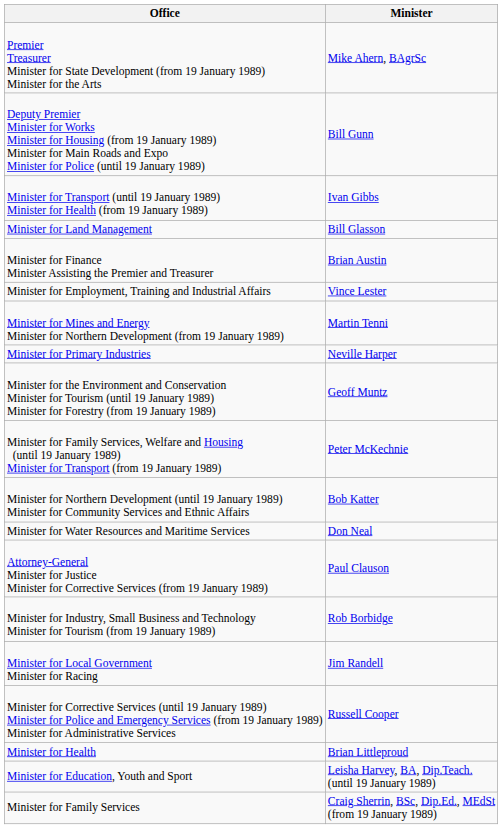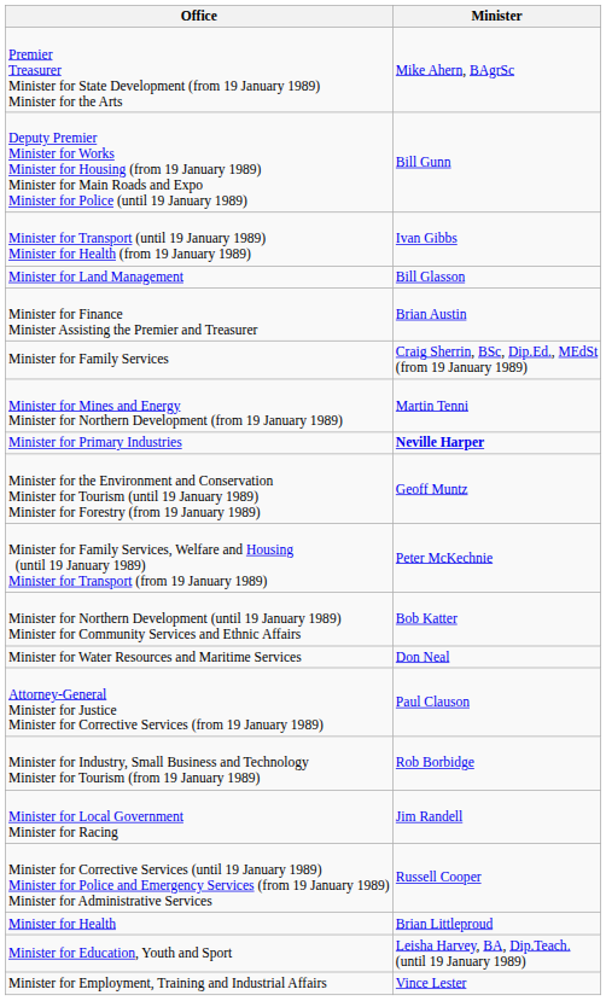 <table class="wikitable">
 <tr>
 <th>Office</th>
 <th>Minister</th>
 </tr>
 <tr>
 <td><br><a href='#'>Premier</a><br> <a href='#'>Treasurer</a><br> Minister for State Development (from 19 January 1989)<br> Minister for the Arts<br></td>
 <td><a href='#'>Mike Ahern</a>, <a href='#'>BAgrSc</a></td>
 </tr>
 <tr>
 <td><br><a href='#'>Deputy Premier</a><br> <a href='#'>Minister for Works</a><br> <a href='#'>Minister for Housing</a> (from 19 January 1989)<br> Minister for Main Roads and Expo<br> <a href='#'>Minister for Police</a> (until 19 January 1989)</td>
 <td><a href='#'>Bill Gunn</a></td>
 </tr>
 <tr>
 <td><br><a href='#'>Minister for Transport</a> (until 19 January 1989)<br> <a href='#'>Minister for Health</a> (from 19 January 1989)</td>
 <td><a href='#'>Ivan Gibbs</a></td>
 </tr>
 <tr>
 <td><a href='#'>Minister for Land Management</a></td>
 <td><a href='#'>Bill Glasson</a></td>
 </tr>
 <tr>
 <td><br>Minister for Finance<br> Minister Assisting the Premier and Treasurer</td>
 <td><a href='#'>Brian Austin</a></td>
 </tr>
 <tr>
-<td>Minister for Employment, Training and Industrial Affairs</td>
-<td><a href='#'>Vince Lester</a></td>
+<td>Minister for Family Services</td>
+<td><a href='#'>Craig Sherrin</a>, <a href='#'>BSc</a>, <a href='#'>Dip.Ed.</a>, <a href='#'>MEdSt</a><br>(from 19 January 1989)</td>
 </tr>
 <tr>
 <td><br><a href='#'>Minister for Mines and Energy</a><br> Minister for Northern Development (from 19 January 1989)</td>
 <td><a href='#'>Martin Tenni</a></td>
 </tr>
 <tr>
 <td><a href='#'>Minister for Primary Industries</a></td>
-<td><a href='#'>Neville Harper</a></td>
+<td><strong><a href='#'>Neville Harper</a></strong></td>
 </tr>
 <tr>
 <td><br>Minister for the Environment and Conservation<br> Minister for Tourism (until 19 January 1989)<br> Minister for Forestry (from 19 January 1989)</td>
 <td><a href='#'>Geoff Muntz</a></td>
 </tr>
 <tr>
 <td><br>Minister for Family Services, Welfare and <a href='#'>Housing</a><br>  (until 19 January 1989)<br> <a href='#'>Minister for Transport</a> (from 19 January 1989)</td>
 <td><a href='#'>Peter McKechnie</a></td>
 </tr>
 <tr>
 <td><br>Minister for Northern Development (until 19 January 1989)<br> Minister for Community Services and Ethnic Affairs</td>
 <td><a href='#'>Bob Katter</a></td>
 </tr>
 <tr>
 <td>Minister for Water Resources and Maritime Services</td>
 <td><a href='#'>Don Neal</a></td>
 </tr>
 <tr>
 <td><br><a href='#'>Attorney-General</a><br> Minister for Justice<br> Minister for Corrective Services (from 19 January 1989)<br></td>
 <td><a href='#'>Paul Clauson</a></td>
 </tr>
 <tr>
 <td><br>Minister for Industry, Small Business and Technology<br> Minister for Tourism (from 19 January 1989)</td>
 <td><a href='#'>Rob Borbidge</a></td>
 </tr>
 <tr>
 <td><br><a href='#'>Minister for Local Government</a><br> Minister for Racing</td>
 <td><a href='#'>Jim Randell</a></td>
 </tr>
 <tr>
 <td><br>Minister for Corrective Services (until 19 January 1989)<br> <a href='#'>Minister for Police and Emergency Services</a> (from 19 January 1989)<br> Minister for Administrative Services</td>
 <td><a href='#'>Russell Cooper</a></td>
 </tr>
 <tr>
 <td><a href='#'>Minister for Health</a></td>
 <td><a href='#'>Brian Littleproud</a></td>
 </tr>
 <tr>
 <td><a href='#'>Minister for Education</a>, Youth and Sport</td>
 <td><a href='#'>Leisha Harvey</a>, <a href='#'>BA</a>, <a href='#'>Dip.Teach.</a><br>(until 19 January 1989)</td>
 </tr>
 <tr>
-<td>Minister for Family Services</td>
-<td><a href='#'>Craig Sherrin</a>, <a href='#'>BSc</a>, <a href='#'>Dip.Ed.</a>, <a href='#'>MEdSt</a><br>(from 19 January 1989)</td>
+<td>Minister for Employment, Training and Industrial Affairs</td>
+<td><a href='#'>Vince Lester</a></td>
 </tr>
 </table>
